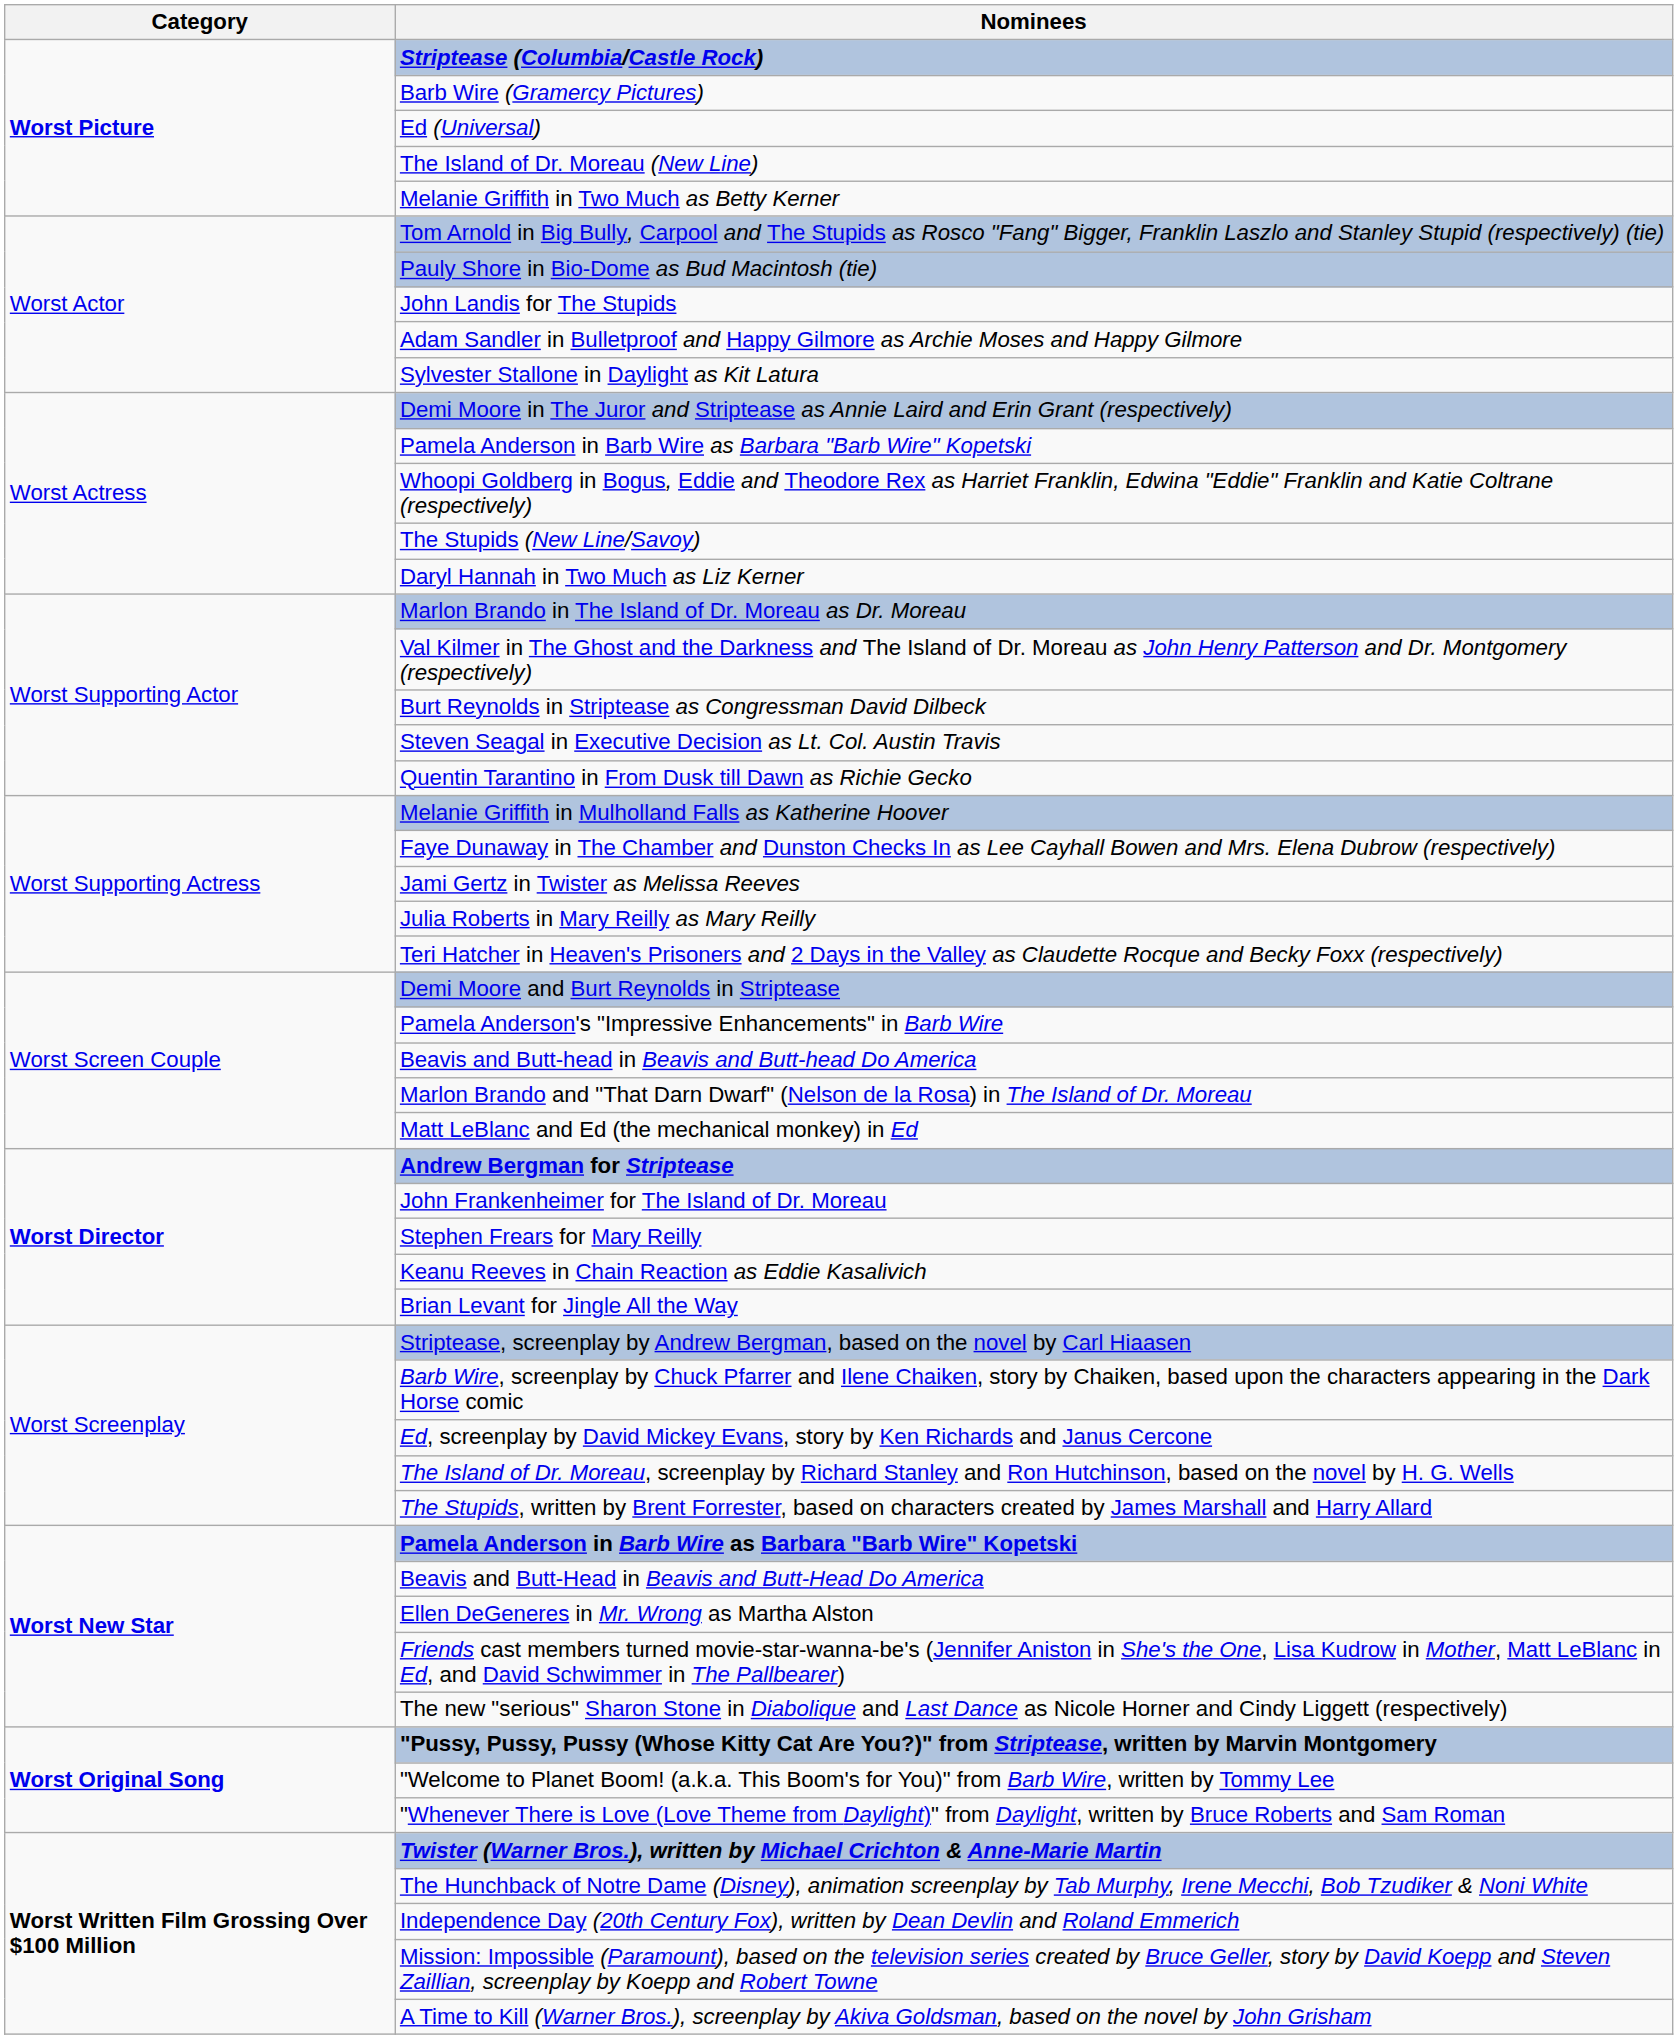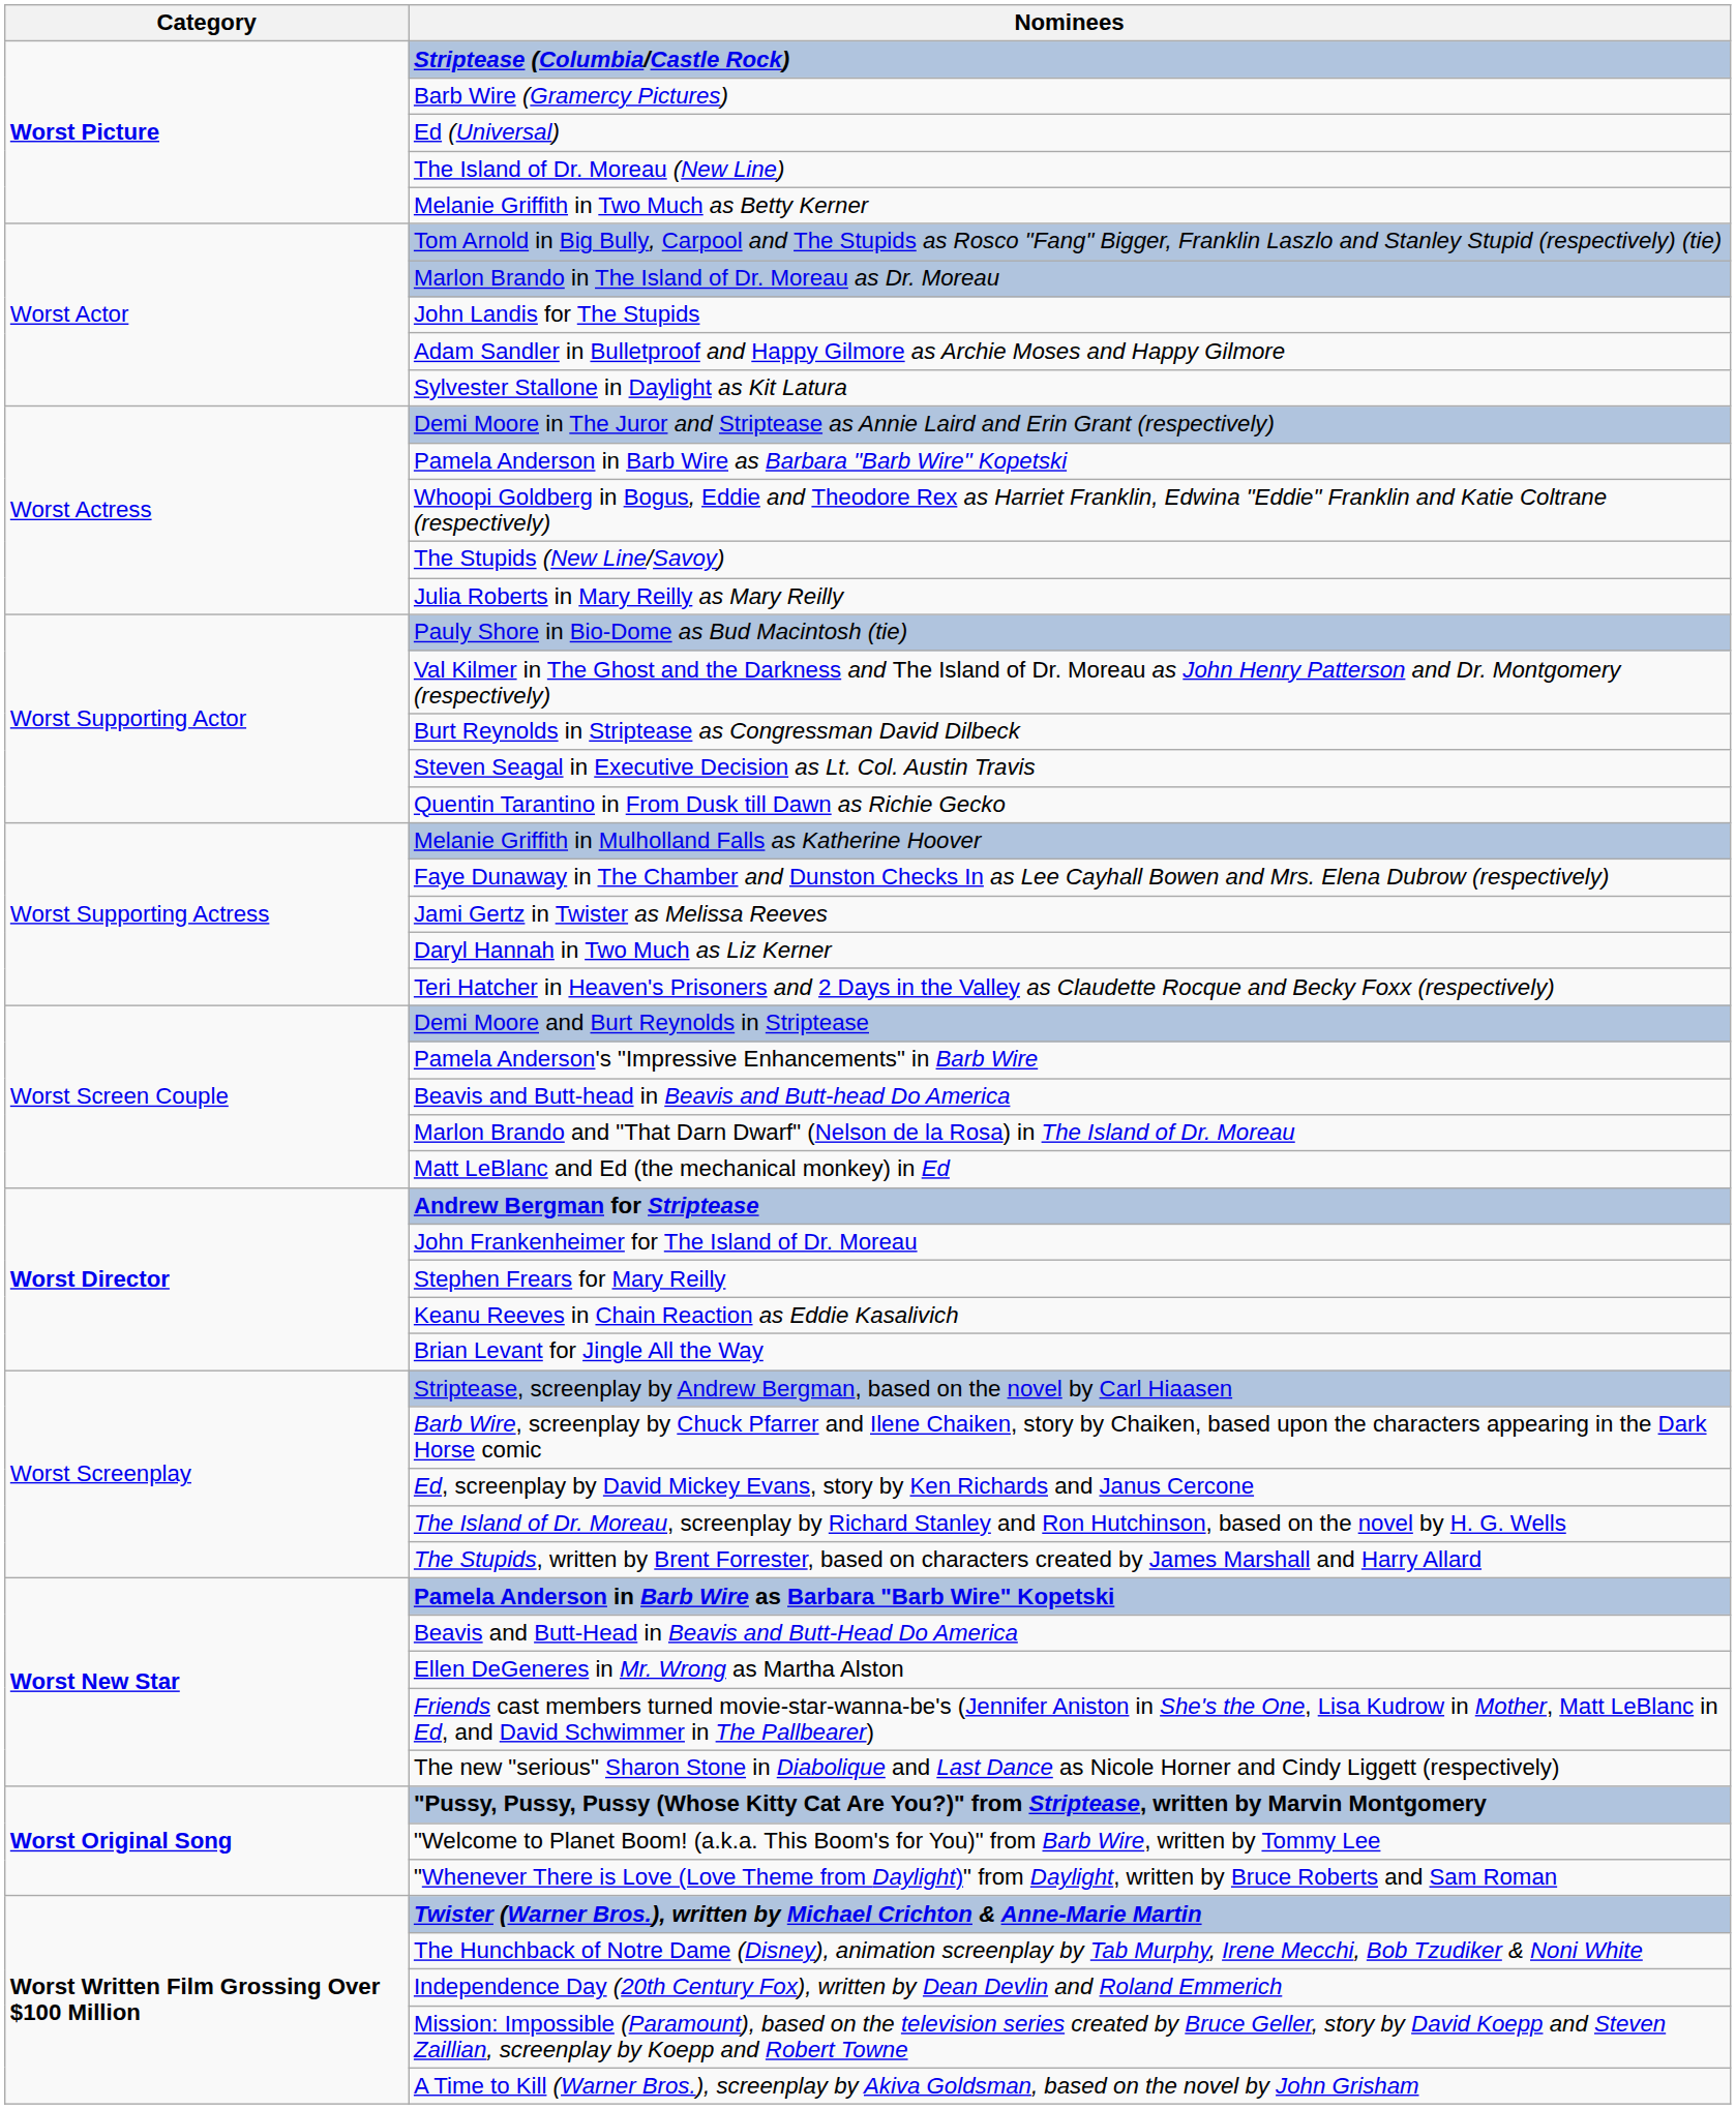 <table class="wikitable" width="95%" align="center">
 <tr>
 <th>Category</th>
 <th>Nominees</th>
 </tr>
 <tr>
 <td rowspan=5><strong><a href='#'>Worst Picture</a></strong></td>
 <td style="background:#B0C4DE;"><strong><em><a href='#'>Striptease</a><em> (<a href='#'>Columbia</a>/<a href='#'>Castle Rock</a>)<strong></td>
 </tr>
 <tr>
 <td></em><a href='#'>Barb Wire</a><em> (<a href='#'>Gramercy Pictures</a>)</td>
 </tr>
 <tr>
 <td></em><a href='#'>Ed</a><em> (<a href='#'>Universal</a>)</td>
 </tr>
 <tr>
 <td></em><a href='#'>The Island of Dr. Moreau</a><em> (<a href='#'>New Line</a>)</td>
 </tr>
 <tr>
 <td><a href='#'>Melanie Griffith</a> in </em><a href='#'>Two Much</a><em> as Betty Kerner</td>
 </tr>
 <tr>
 <td rowspan=5></strong><a href='#'>Worst Actor</a><strong></td>
 <td style="background:#B0C4DE;"></strong><a href='#'>Tom Arnold</a> in </em><a href='#'>Big Bully</a><em>, </em><a href='#'>Carpool</a><em> and </em><a href='#'>The Stupids</a><em> as Rosco "Fang" Bigger, Franklin Laszlo and Stanley Stupid (respectively) (tie)<strong></td>
 </tr>
 <tr>
-<td style="background:#B0C4DE;"></strong><a href='#'>Pauly Shore</a> in </em><a href='#'>Bio-Dome</a><em> as Bud Macintosh (tie)<strong></td>
+<td style="background:#B0C4DE;"></strong><a href='#'>Marlon Brando</a> in </em><a href='#'>The Island of Dr. Moreau</a><em> as Dr. Moreau<strong></td>
 </tr>
 <tr>
 <td><a href='#'>John Landis</a> for </em><a href='#'>The Stupids</a><em></td>
 </tr>
 <tr>
 <td><a href='#'>Adam Sandler</a> in </em><a href='#'>Bulletproof</a><em> and </em><a href='#'>Happy Gilmore</a><em> as Archie Moses and Happy Gilmore</td>
 </tr>
 <tr>
 <td><a href='#'>Sylvester Stallone</a> in </em><a href='#'>Daylight</a><em> as Kit Latura</td>
 </tr>
 <tr>
 <td rowspan=5></strong><a href='#'>Worst Actress</a><strong></td>
 <td style="background:#B0C4DE;"></strong><a href='#'>Demi Moore</a> in </em><a href='#'>The Juror</a><em> and </em><a href='#'>Striptease</a><em> as Annie Laird and Erin Grant (respectively)<strong></td>
 </tr>
 <tr>
 <td><a href='#'>Pamela Anderson</a> in </em><a href='#'>Barb Wire</a><em> as <a href='#'>Barbara "Barb Wire" Kopetski</a></td>
 </tr>
 <tr>
 <td><a href='#'>Whoopi Goldberg</a> in </em><a href='#'>Bogus</a><em>, </em><a href='#'>Eddie</a><em> and </em><a href='#'>Theodore Rex</a><em> as Harriet Franklin, Edwina "Eddie" Franklin and Katie Coltrane (respectively)</td>
 </tr>
 <tr>
 <td></em><a href='#'>The Stupids</a><em> (<a href='#'>New Line</a>/<a href='#'>Savoy</a>)</td>
 </tr>
 <tr>
-<td><a href='#'>Daryl Hannah</a> in </em><a href='#'>Two Much</a><em> as Liz Kerner</td>
+<td><a href='#'>Julia Roberts</a> in </em><a href='#'>Mary Reilly</a><em> as Mary Reilly</td>
 </tr>
 <tr>
 <td rowspan=5></strong><a href='#'>Worst Supporting Actor</a><strong></td>
-<td style="background:#B0C4DE;"></strong><a href='#'>Marlon Brando</a> in </em><a href='#'>The Island of Dr. Moreau</a><em> as Dr. Moreau<strong></td>
+<td style="background:#B0C4DE;"></strong><a href='#'>Pauly Shore</a> in </em><a href='#'>Bio-Dome</a><em> as Bud Macintosh (tie)<strong></td>
 </tr>
 <tr>
 <td><a href='#'>Val Kilmer</a> in </em><a href='#'>The Ghost and the Darkness</a><em> and </em>The Island of Dr. Moreau<em> as <a href='#'>John Henry Patterson</a> and Dr. Montgomery (respectively)</td>
 </tr>
 <tr>
 <td><a href='#'>Burt Reynolds</a> in </em><a href='#'>Striptease</a><em> as Congressman David Dilbeck</td>
 </tr>
 <tr>
 <td><a href='#'>Steven Seagal</a> in </em><a href='#'>Executive Decision</a><em> as Lt. Col. Austin Travis</td>
 </tr>
 <tr>
 <td><a href='#'>Quentin Tarantino</a> in </em><a href='#'>From Dusk till Dawn</a><em> as Richie Gecko</td>
 </tr>
 <tr>
 <td rowspan=5></strong><a href='#'>Worst Supporting Actress</a><strong></td>
 <td style="background:#B0C4DE;"></strong><a href='#'>Melanie Griffith</a> in </em><a href='#'>Mulholland Falls</a><em> as Katherine Hoover<strong></td>
 </tr>
 <tr>
 <td><a href='#'>Faye Dunaway</a> in </em><a href='#'>The Chamber</a><em> and </em><a href='#'>Dunston Checks In</a><em> as Lee Cayhall Bowen and Mrs. Elena Dubrow (respectively)</td>
 </tr>
 <tr>
 <td><a href='#'>Jami Gertz</a> in </em><a href='#'>Twister</a><em> as Melissa Reeves</td>
 </tr>
 <tr>
-<td><a href='#'>Julia Roberts</a> in </em><a href='#'>Mary Reilly</a><em> as Mary Reilly</td>
+<td><a href='#'>Daryl Hannah</a> in </em><a href='#'>Two Much</a><em> as Liz Kerner</td>
 </tr>
 <tr>
 <td><a href='#'>Teri Hatcher</a> in </em><a href='#'>Heaven's Prisoners</a><em> and </em><a href='#'>2 Days in the Valley</a><em> as Claudette Rocque and Becky Foxx (respectively)</td>
 </tr>
 <tr>
 <td rowspan=5></strong><a href='#'>Worst Screen Couple</a><strong></td>
 <td style="background:#B0C4DE;"><strong></strong><a href='#'>Demi Moore</a> and <a href='#'>Burt Reynolds</a> in </em><a href='#'>Striptease</a></em></strong></strong></td>
 </tr>
 <tr>
 <td><a href='#'>Pamela Anderson</a>'s "Impressive Enhancements" in <em><a href='#'>Barb Wire</a></em></td>
 </tr>
 <tr>
 <td><a href='#'>Beavis and Butt-head</a> in <em><a href='#'>Beavis and Butt-head Do America</a></em></td>
 </tr>
 <tr>
 <td><a href='#'>Marlon Brando</a> and "That Darn Dwarf" (<a href='#'>Nelson de la Rosa</a>) in <em><a href='#'>The Island of Dr. Moreau</a></em></td>
 </tr>
 <tr>
 <td><a href='#'>Matt LeBlanc</a> and Ed (the mechanical monkey) in <em><a href='#'>Ed</a></em></td>
 </tr>
 <tr>
 <td rowspan=5><strong><a href='#'>Worst Director</a></strong></td>
 <td style="background:#B0C4DE;"><strong><a href='#'>Andrew Bergman</a> for <em><a href='#'>Striptease</a><strong><em></td>
 </tr>
 <tr>
 <td><a href='#'>John Frankenheimer</a> for </em><a href='#'>The Island of Dr. Moreau</a><em></td>
 </tr>
 <tr>
 <td><a href='#'>Stephen Frears</a> for </em><a href='#'>Mary Reilly</a><em></td>
 </tr>
 <tr>
 <td><a href='#'>Keanu Reeves</a> in </em><a href='#'>Chain Reaction</a><em> as Eddie Kasalivich</td>
 </tr>
 <tr>
 <td><a href='#'>Brian Levant</a> for </em><a href='#'>Jingle All the Way</a><em></td>
 </tr>
 <tr>
 <td rowspan=5></strong><a href='#'>Worst Screenplay</a><strong></td>
 <td style="background:#B0C4DE;"></em></strong><a href='#'>Striptease</a></em>, screenplay by <a href='#'>Andrew Bergman</a>, based on the <a href='#'>novel</a> by <a href='#'>Carl Hiaasen</a></strong></td>
 </tr>
 <tr>
 <td><em><a href='#'>Barb Wire</a></em>, screenplay by <a href='#'>Chuck Pfarrer</a> and <a href='#'>Ilene Chaiken</a>, story by Chaiken, based upon the characters appearing in the <a href='#'>Dark Horse</a> comic</td>
 </tr>
 <tr>
 <td><em><a href='#'>Ed</a></em>, screenplay by <a href='#'>David Mickey Evans</a>, story by <a href='#'>Ken Richards</a> and <a href='#'>Janus Cercone</a></td>
 </tr>
 <tr>
 <td><em><a href='#'>The Island of Dr. Moreau</a></em>, screenplay by <a href='#'>Richard Stanley</a> and <a href='#'>Ron Hutchinson</a>, based on the <a href='#'>novel</a> by <a href='#'>H. G. Wells</a></td>
 </tr>
 <tr>
 <td><em><a href='#'>The Stupids</a></em>, written by <a href='#'>Brent Forrester</a>, based on characters created by <a href='#'>James Marshall</a> and <a href='#'>Harry Allard</a></td>
 </tr>
 <tr>
 <td rowspan=5><strong><a href='#'>Worst New Star</a></strong></td>
 <td style="background:#B0C4DE;"><strong><a href='#'>Pamela Anderson</a> in <em><a href='#'>Barb Wire</a></em> as <a href='#'>Barbara "Barb Wire" Kopetski</a></strong></td>
 </tr>
 <tr>
 <td><a href='#'>Beavis</a> and <a href='#'>Butt-Head</a> in <em><a href='#'>Beavis and Butt-Head Do America</a></em></td>
 </tr>
 <tr>
 <td><a href='#'>Ellen DeGeneres</a> in <em><a href='#'>Mr. Wrong</a></em> as Martha Alston</td>
 </tr>
 <tr>
 <td><em><a href='#'>Friends</a></em> cast members turned movie-star-wanna-be's (<a href='#'>Jennifer Aniston</a> in <em><a href='#'>She's the One</a></em>, <a href='#'>Lisa Kudrow</a> in <em><a href='#'>Mother</a></em>, <a href='#'>Matt LeBlanc</a> in <em><a href='#'>Ed</a></em>, and <a href='#'>David Schwimmer</a> in <em><a href='#'>The Pallbearer</a></em>)</td>
 </tr>
 <tr>
 <td>The new "serious" <a href='#'>Sharon Stone</a> in <em><a href='#'>Diabolique</a></em> and <em><a href='#'>Last Dance</a></em> as Nicole Horner and Cindy Liggett (respectively)</td>
 </tr>
 <tr>
 <td rowspan=3><strong><a href='#'>Worst Original Song</a></strong></td>
 <td style="background:#B0C4DE;"><strong>"Pussy, Pussy, Pussy (Whose Kitty Cat Are You?)" from <em><a href='#'>Striptease</a></em>, written by Marvin Montgomery</strong></td>
 </tr>
 <tr>
 <td>"Welcome to Planet Boom! (a.k.a. This Boom's for You)" from <em><a href='#'>Barb Wire</a></em>, written by <a href='#'>Tommy Lee</a></td>
 </tr>
 <tr>
 <td>"<a href='#'>Whenever There is Love (Love Theme from <em>Daylight</em>)</a>" from <em><a href='#'>Daylight</a></em>, written by <a href='#'>Bruce Roberts</a> and <a href='#'>Sam Roman</a></td>
 </tr>
 <tr>
 <td rowspan=5><strong>Worst Written Film Grossing Over $100 Million</strong></td>
 <td style="background:#B0C4DE;"><strong><em><a href='#'>Twister</a><em> (<a href='#'>Warner Bros.</a>), written by <a href='#'>Michael Crichton</a> & <a href='#'>Anne-Marie Martin</a><strong></td>
 </tr>
 <tr>
 <td></em><a href='#'>The Hunchback of Notre Dame</a><em> (<a href='#'>Disney</a>), animation screenplay by <a href='#'>Tab Murphy</a>, <a href='#'>Irene Mecchi</a>, <a href='#'>Bob Tzudiker</a> & <a href='#'>Noni White</a></td>
 </tr>
 <tr>
 <td></em><a href='#'>Independence Day</a><em> (<a href='#'>20th Century Fox</a>), written by <a href='#'>Dean Devlin</a> and <a href='#'>Roland Emmerich</a></td>
 </tr>
 <tr>
 <td></em><a href='#'>Mission: Impossible</a><em> (<a href='#'>Paramount</a>), based on the <a href='#'>television series</a> created by <a href='#'>Bruce Geller</a>, story by <a href='#'>David Koepp</a> and <a href='#'>Steven Zaillian</a>, screenplay by Koepp and <a href='#'>Robert Towne</a></td>
 </tr>
 <tr>
 <td></em><a href='#'>A Time to Kill</a><em> (<a href='#'>Warner Bros.</a>), screenplay by <a href='#'>Akiva Goldsman</a>, based on the novel by <a href='#'>John Grisham</a></td>
 </tr>
 </table>
